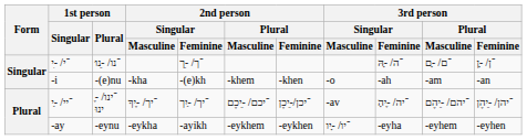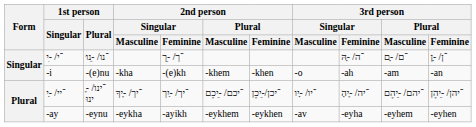 <table class="wikitable mw-collapsible">
 <tr>
 <th rowspan="3">Form</th>
 <th colspan="2">1st person</th>
 <th colspan="4">2nd person</th>
 <th colspan="4">3rd person</th>
 </tr>
 <tr>
 <th rowspan="2">Singular</th>
 <th rowspan="2">Plural</th>
 <th colspan="2">Singular</th>
 <th colspan="2">Plural</th>
 <th colspan="2">Singular</th>
 <th colspan="2">Plural</th>
 </tr>
 <tr>
 <th>Masculine</th>
 <th>Feminine</th>
 <th>Masculine</th>
 <th>Feminine</th>
 <th>Masculine</th>
 <th>Feminine</th>
 <th>Masculine</th>
 <th>Feminine</th>
 </tr>
 <tr>
 <th rowspan="2">Singular</th>
 <td>־י/ -ִי</td>
 <td>ּ־נו/ -ֵנו</td>
 <td></td>
 <td>־ך/ -ֵך</td>
 <td></td>
 <td></td>
 <td></td>
 <td>־ה/ -ָהּ</td>
 <td>־ם/ -ָם</td>
 <td>־ן/ -ָן</td>
 </tr>
 <tr>
 <td>-i</td>
 <td>-(e)nu</td>
 <td>-kha</td>
 <td>-(e)kh</td>
 <td>-khem</td>
 <td>-khen</td>
 <td>-o</td>
 <td>-ah</td>
 <td>-am</td>
 <td>-an</td>
 </tr>
 <tr>
 <th rowspan="2">Plural</th>
 <td>־יי/ -ַי</td>
 <td>־ינו/ -ֶינוּ</td>
 <td>־יך/ -ֶיךָ</td>
 <td>־יך/ -ַיִך</td>
 <td>־יכם/ -ֵיכֶם</td>
 <td>־יכן/-ֵיכֶן</td>
-<td>-av</td>
+<td>־יו/ -ָיו</td>
 <td>־יה/ -ֶיהָ</td>
 <td>־יהם/ -ֵיהֶם</td>
 <td>־יהן/ -ֵיהֶן</td>
 </tr>
 <tr>
 <td>-ay</td>
 <td>-eynu</td>
 <td>-eykha</td>
 <td>-ayikh</td>
 <td>-eykhem</td>
 <td>-eykhen</td>
-<td>־יו/ -ָיו</td>
+<td>-av</td>
 <td>-eyha</td>
 <td>-eyhem</td>
 <td>-eyhen</td>
 </tr>
 </table>
